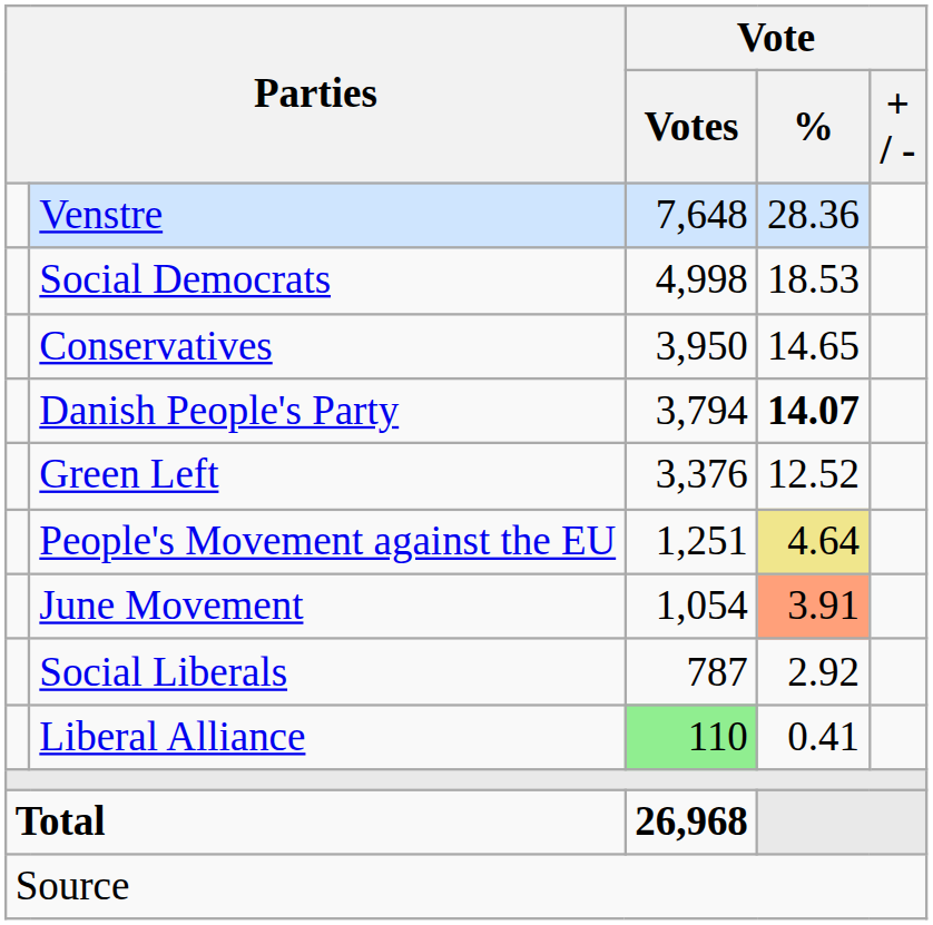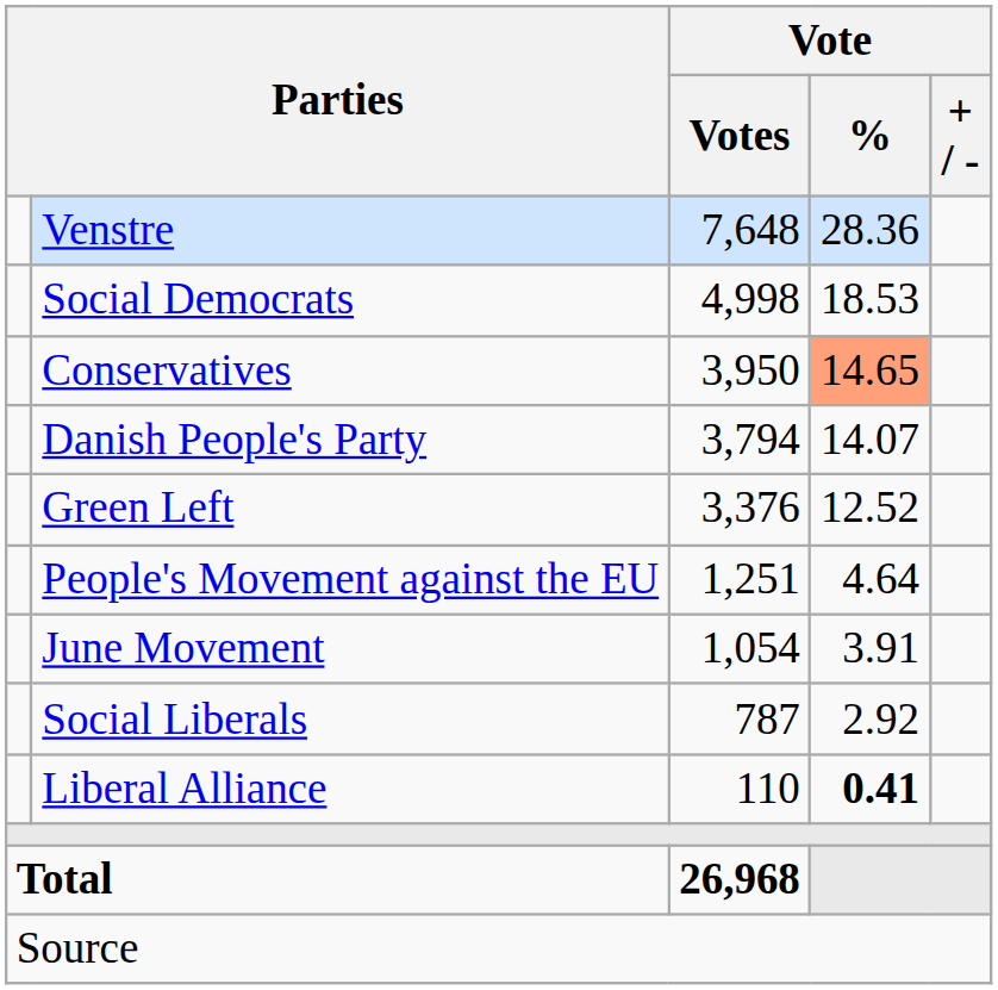 <table class="wikitable" style="text-align:right;">
 <tr>
 <th style="text-align:centre;" rowspan="2" colspan="2" width="225">Parties</th>
 <th colspan="3">Vote</th>
 </tr>
 <tr>
 <th width="15">Votes</th>
 <th width="15">%</th>
 <th width="15">+ / -</th>
 </tr>
 <tr>
 <td width="2" style="color:inherit;background:"></td>
 <td bgcolor=#cfe5fe   align="left"><a href='#'>Venstre</a></td>
 <td bgcolor=#cfe5fe>7,648</td>
 <td bgcolor=#cfe5fe>28.36</td>
 <td></td>
 </tr>
 <tr>
 <td width="2" style="color:inherit;background:"></td>
 <td align="left"><a href='#'>Social Democrats</a></td>
 <td>4,998</td>
 <td>18.53</td>
 <td></td>
 </tr>
 <tr>
 <td width="2" style="color:inherit;background:"></td>
 <td align="left"><a href='#'>Conservatives</a></td>
 <td>3,950</td>
-<td>14.65</td>
+<td style="background: lightsalmon;">14.65</td>
 <td></td>
 </tr>
 <tr>
 <td width="2" style="color:inherit;background:"></td>
 <td align="left"><a href='#'>Danish People's Party</a></td>
 <td>3,794</td>
-<td><strong>14.07</strong></td>
+<td>14.07</td>
 <td></td>
 </tr>
 <tr>
 <td width="2" style="color:inherit;background:"></td>
 <td align="left"><a href='#'>Green Left</a></td>
 <td>3,376</td>
 <td>12.52</td>
 <td></td>
 </tr>
 <tr>
 <td width="2" style="color:inherit;background:"></td>
 <td align="left"><a href='#'>People's Movement against the EU</a></td>
 <td>1,251</td>
-<td style="background: khaki;">4.64</td>
+<td>4.64</td>
 <td></td>
 </tr>
 <tr>
 <td width="2" style="color:inherit;background:"></td>
 <td align="left"><a href='#'>June Movement</a></td>
 <td>1,054</td>
-<td style="background: lightsalmon;">3.91</td>
+<td>3.91</td>
 <td></td>
 </tr>
 <tr>
 <td width="2" style="color:inherit;background:"></td>
 <td align="left"><a href='#'>Social Liberals</a></td>
 <td>787</td>
 <td>2.92</td>
 <td></td>
 </tr>
 <tr>
 <td width="2" style="color:inherit;background:"></td>
 <td align="left"><a href='#'>Liberal Alliance</a></td>
-<td style="background: lightgreen;">110</td>
-<td>0.41</td>
+<td>110</td>
+<td><strong>0.41</strong></td>
 <td></td>
 </tr>
 <tr>
 <td colspan="7" bgcolor="#E9E9E9"></td>
 </tr>
 <tr>
 <td align="left" colspan="2"><strong>Total</strong></td>
 <td><strong>26,968</strong></td>
 <td bgcolor="#E9E9E9" colspan="2"></td>
 </tr>
 <tr>
 <td align="left" colspan="6">Source</td>
 </tr>
 </table>
